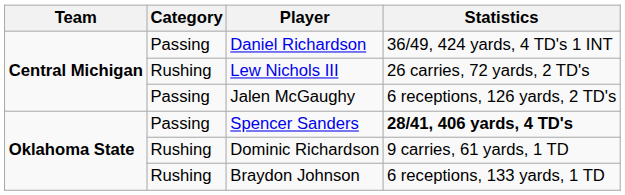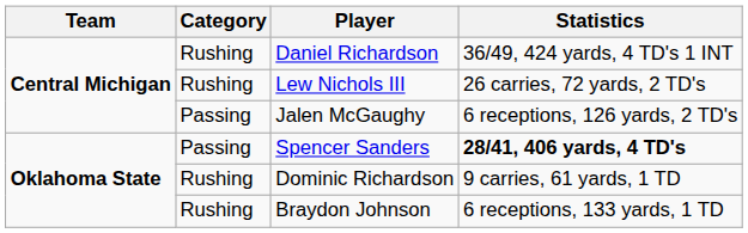 <table class="wikitable" style="float: right;">
 <tr>
 <th>Team</th>
 <th>Category</th>
 <th>Player</th>
 <th>Statistics</th>
 </tr>
 <tr>
 <td rowspan=3><strong>Central Michigan</strong></td>
-<td>Passing</td>
+<td>Rushing</td>
 <td><a href='#'>Daniel Richardson</a></td>
 <td>36/49, 424 yards, 4 TD's 1 INT</td>
 </tr>
 <tr>
 <td>Rushing</td>
 <td><a href='#'>Lew Nichols III</a></td>
 <td>26 carries, 72 yards, 2 TD's</td>
 </tr>
 <tr>
 <td>Passing</td>
 <td>Jalen McGaughy</td>
 <td>6 receptions, 126 yards, 2 TD's</td>
 </tr>
 <tr>
 <td rowspan=3><strong>Oklahoma State</strong></td>
 <td>Passing</td>
 <td><a href='#'>Spencer Sanders</a></td>
 <td><strong>28/41, 406 yards, 4 TD's</strong></td>
 </tr>
 <tr>
 <td>Rushing</td>
 <td>Dominic Richardson</td>
 <td>9 carries, 61 yards, 1 TD</td>
 </tr>
 <tr>
 <td>Rushing</td>
 <td>Braydon Johnson</td>
 <td>6 receptions, 133 yards, 1 TD</td>
 </tr>
 </table>
